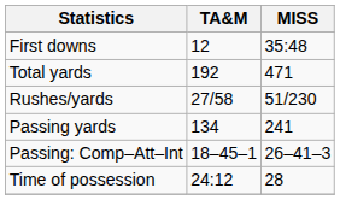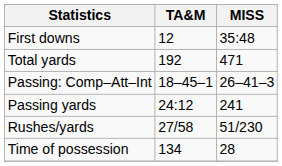 <table class="wikitable" style="float: left;">
 <tr>
 <th>Statistics</th>
 <th>TA&M</th>
 <th>MISS</th>
 </tr>
 <tr>
 <td>First downs</td>
 <td>12</td>
 <td>35:48</td>
 </tr>
 <tr>
 <td>Total yards</td>
 <td>192</td>
 <td>471</td>
 </tr>
 <tr>
+<td>Passing: Comp–Att–Int</td>
+<td>18–45–1</td>
+<td>26–41–3</td>
+</tr>
+<tr>
+<td>Passing yards</td>
+<td>24:12</td>
+<td>241</td>
+</tr>
+<tr>
 <td>Rushes/yards</td>
 <td>27/58</td>
 <td>51/230</td>
 </tr>
 <tr>
-<td>Passing yards</td>
+<td>Time of possession</td>
 <td>134</td>
-<td>241</td>
-</tr>
-<tr>
-<td>Passing: Comp–Att–Int</td>
-<td>18–45–1</td>
-<td>26–41–3</td>
-</tr>
-<tr>
-<td>Time of possession</td>
-<td>24:12</td>
 <td>28</td>
 </tr>
 <tr>
 </tr>
 </table>
